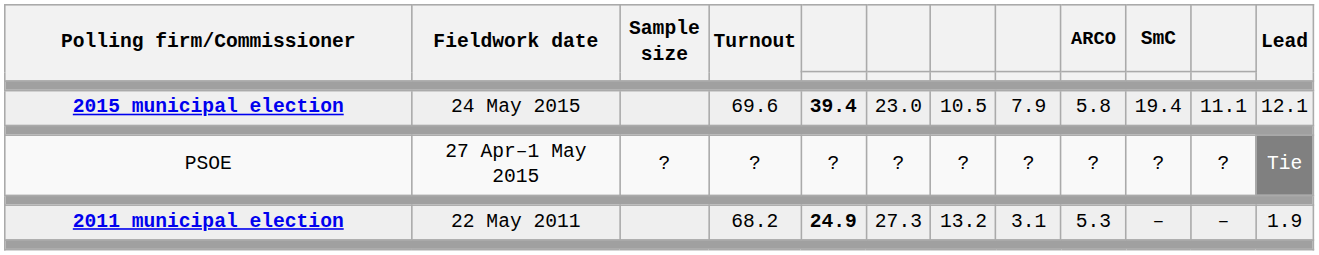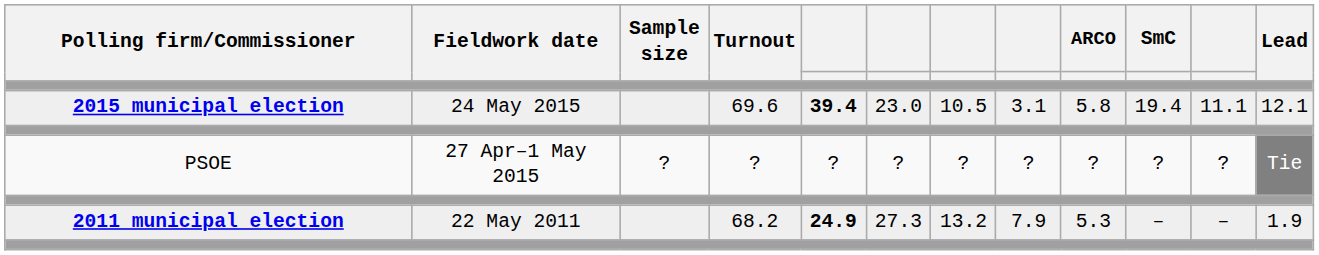 <table class="wikitable collapsible collapsed" style="text-align:center; font-size:95%; line-height:16px;">
 <tr style="height:42px;">
 <th style="width:250px;" rowspan="2">Polling firm/Commissioner</th>
 <th style="width:125px;" rowspan="2">Fieldwork date</th>
 <th style="width:50px;" rowspan="2">Sample size</th>
 <th style="width:45px;" rowspan="2">Turnout</th>
 <th style="width:35px;"></th>
 <th style="width:35px;"></th>
 <th style="width:35px;"></th>
 <th style="width:35px;"></th>
 <th style="width:35px; font-size:95%;">ARCO</th>
 <th style="width:35px;">SmC</th>
 <th style="width:35px;"></th>
 <th style="width:30px;" rowspan="2">Lead</th>
 </tr>
 <tr>
 <th style="color:inherit;background:"></th>
 <th style="color:inherit;background:"></th>
 <th style="color:inherit;background:"></th>
 <th style="color:inherit;background:"></th>
 <th style="color:inherit;background:"></th>
 <th style="color:inherit;background:"></th>
 <th style="color:inherit;background:"></th>
 </tr>
 <tr>
 <td colspan="12" style="background:#A0A0A0"></td>
 </tr>
 <tr style="background:#EFEFEF;">
 <td><strong><a href='#'>2015 municipal election</a></strong></td>
 <td>24 May 2015</td>
 <td></td>
 <td>69.6</td>
 <td><strong>39.4</strong><br></td>
 <td>23.0<br></td>
 <td>10.5<br></td>
-<td>7.9<br></td>
+<td>3.1<br></td>
 <td>5.8<br></td>
 <td>19.4<br></td>
 <td>11.1<br></td>
 <td style="background:">12.1</td>
 </tr>
 <tr>
 <td colspan="12" style="background:#A0A0A0"></td>
 </tr>
 <tr>
 <td>PSOE</td>
 <td>27 Apr–1 May 2015</td>
 <td>?</td>
 <td>?</td>
 <td>?<br></td>
 <td>?<br></td>
 <td>?<br></td>
 <td>?<br></td>
 <td>?<br></td>
 <td>?<br></td>
 <td>?<br></td>
 <td style="background:gray; color:white;">Tie</td>
 </tr>
 <tr>
 <td colspan="12" style="background:#A0A0A0"></td>
 </tr>
 <tr style="background:#EFEFEF;">
 <td><strong><a href='#'>2011 municipal election</a></strong></td>
 <td>22 May 2011</td>
 <td></td>
 <td>68.2</td>
 <td><strong>24.9</strong><br></td>
 <td>27.3<br></td>
 <td>13.2<br></td>
-<td>3.1<br></td>
+<td>7.9<br></td>
 <td>5.3<br></td>
 <td>–</td>
 <td>–</td>
 <td style="background:">1.9</td>
 </tr>
 <tr>
 <td colspan="12" style="background:#A0A0A0"></td>
 </tr>
 </table>
